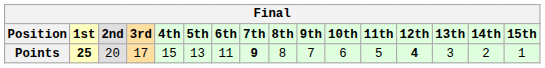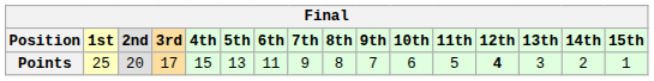 <table class="wikitable" style="font-size: 85%;">
 <tr>
 <th colspan="16">Final</th>
 </tr>
 <tr>
 <th>Position</th>
 <td align="center" style="background-color:#ffffbf"><strong>1st</strong></td>
 <td align="center" style="background-color:#dfdfdf"><strong>2nd</strong></td>
 <td align="center" style="background-color:#ffdf9f"><strong>3rd</strong></td>
 <td align="center" style="background-color:#dfffdf"><strong>4th</strong></td>
 <td align="center" style="background-color:#dfffdf"><strong>5th</strong></td>
 <td align="center" style="background-color:#dfffdf"><strong>6th</strong></td>
 <td align="center" style="background-color:#dfffdf"><strong>7th</strong></td>
 <td align="center" style="background-color:#dfffdf"><strong>8th</strong></td>
 <td align="center" style="background-color:#dfffdf"><strong>9th</strong></td>
 <td align="center" style="background-color:#dfffdf"><strong>10th</strong></td>
 <td align="center" style="background-color:#dfffdf"><strong>11th</strong></td>
 <td align="center" style="background-color:#dfffdf"><strong>12th</strong></td>
 <td align="center" style="background-color:#dfffdf"><strong>13th</strong></td>
 <td align="center" style="background-color:#dfffdf"><strong>14th</strong></td>
 <td align="center" style="background-color:#dfffdf"><strong>15th</strong></td>
 </tr>
 <tr>
 <th>Points</th>
-<td align="center" style="background:#ffffbf"><strong>25</strong></td>
+<td align="center" style="background:#ffffbf">25</td>
 <td align="center" style="background:#dfdfdf">20</td>
 <td align="center" style="background:#ffdf9f">17</td>
 <td align="center" style="background:#dfffdf">15</td>
 <td align="center" style="background:#dfffdf">13</td>
 <td align="center" style="background:#dfffdf">11</td>
-<td align="center" style="background:#dfffdf"><strong>9</strong></td>
+<td align="center" style="background:#dfffdf">9</td>
 <td align="center" style="background:#dfffdf">8</td>
 <td align="center" style="background:#dfffdf">7</td>
 <td align="center" style="background:#dfffdf">6</td>
 <td align="center" style="background:#dfffdf">5</td>
 <td align="center" style="background:#dfffdf"><strong>4</strong></td>
 <td align="center" style="background:#dfffdf">3</td>
 <td align="center" style="background:#dfffdf">2</td>
 <td align="center" style="background:#dfffdf">1</td>
 </tr>
 </table>
